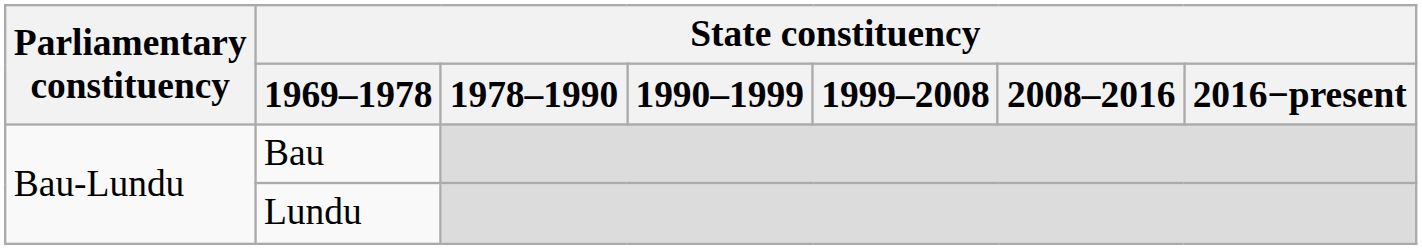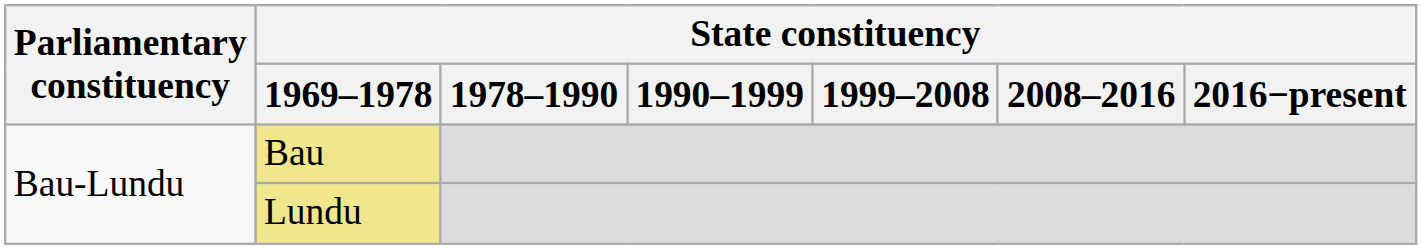 <table class="wikitable">
 <tr>
 <th rowspan="2">Parliamentary<br>constituency</th>
 <th colspan="6">State constituency</th>
 </tr>
 <tr>
 <th>1969–1978</th>
 <th>1978–1990</th>
 <th>1990–1999</th>
 <th>1999–2008</th>
 <th>2008–2016</th>
 <th>2016−present</th>
 </tr>
 <tr>
 <td rowspan="2">Bau-Lundu</td>
-<td>Bau</td>
+<td style="background: khaki;">Bau</td>
 <td colspan="5" bgcolor="dcdcdc"></td>
 </tr>
 <tr>
-<td>Lundu</td>
+<td style="background: khaki;">Lundu</td>
 <td colspan="5" bgcolor="dcdcdc"></td>
 </tr>
 </table>
